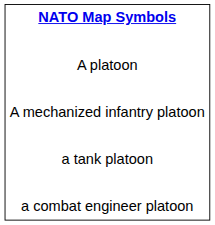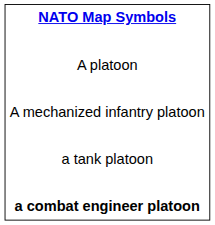 <table class="floatright" style="border:1px solid black; background:white;float: right;text-align: center" cellpadding="3">
 <tr>
 <th><a href='#'>NATO Map Symbols</a></th>
 </tr>
 <tr>
 <td><br></td>
 </tr>
 <tr>
 <td>A platoon</td>
 </tr>
 <tr>
 <td><br></td>
 </tr>
 <tr>
 <td>A mechanized infantry platoon</td>
 </tr>
 <tr>
 <td><br></td>
 </tr>
 <tr>
 <td>a tank platoon</td>
 </tr>
 <tr>
 <td><br></td>
 </tr>
 <tr>
-<td>a combat engineer platoon</td>
+<td><strong>a combat engineer platoon</strong></td>
 </tr>
 </table>
